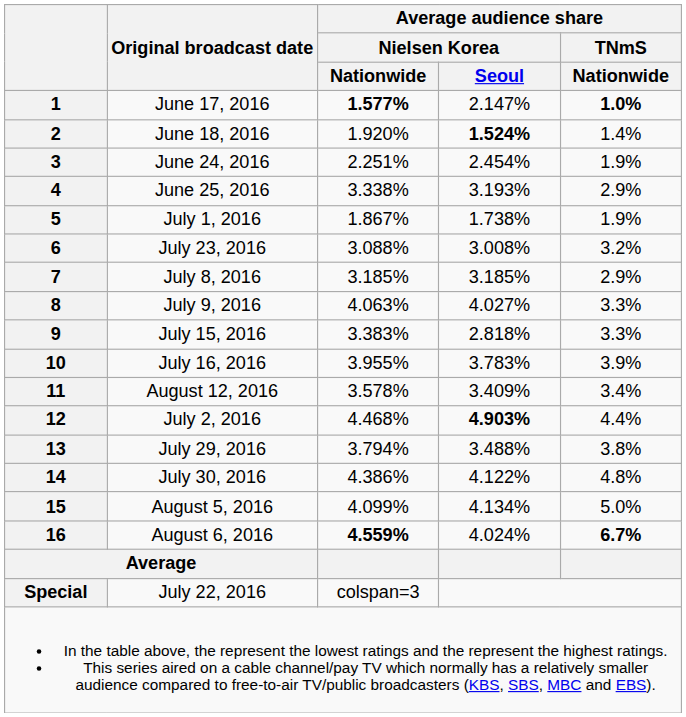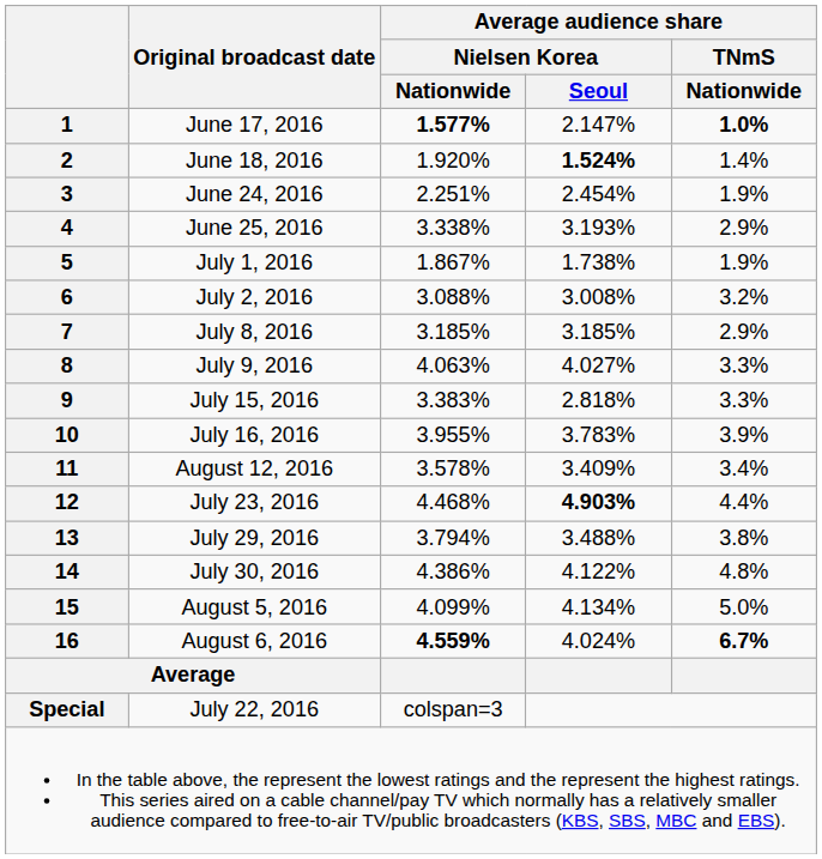 <table class="wikitable" style="width:600px; text-align:center">
 <tr>
 <th rowspan="3"></th>
 <th rowspan="3">Original broadcast date</th>
 <th colspan="3">Average audience share</th>
 </tr>
 <tr>
 <th colspan=2>Nielsen Korea</th>
 <th>TNmS</th>
 </tr>
 <tr>
 <th width=100>Nationwide</th>
 <th width=100><a href='#'>Seoul</a></th>
 <th width=100>Nationwide</th>
 </tr>
 <tr>
 <th>1</th>
 <td>June 17, 2016</td>
 <td><span><strong>1.577%</strong></span></td>
 <td>2.147%</td>
 <td><span><strong>1.0%</strong></span></td>
 </tr>
 <tr>
 <th>2</th>
 <td>June 18, 2016</td>
 <td>1.920%</td>
 <td><span><strong>1.524%</strong></span></td>
 <td>1.4%</td>
 </tr>
 <tr>
 <th>3</th>
 <td>June 24, 2016</td>
 <td>2.251%</td>
 <td>2.454%</td>
 <td>1.9%</td>
 </tr>
 <tr>
 <th>4</th>
 <td>June 25, 2016</td>
 <td>3.338%</td>
 <td>3.193%</td>
 <td>2.9%</td>
 </tr>
 <tr>
 <th>5</th>
 <td>July 1, 2016</td>
 <td>1.867%</td>
 <td>1.738%</td>
 <td>1.9%</td>
 </tr>
 <tr>
 <th>6</th>
-<td>July 23, 2016</td>
+<td>July 2, 2016</td>
 <td>3.088%</td>
 <td>3.008%</td>
 <td>3.2%</td>
 </tr>
 <tr>
 <th>7</th>
 <td>July 8, 2016</td>
 <td>3.185%</td>
 <td>3.185%</td>
 <td>2.9%</td>
 </tr>
 <tr>
 <th>8</th>
 <td>July 9, 2016</td>
 <td>4.063%</td>
 <td>4.027%</td>
 <td>3.3%</td>
 </tr>
 <tr>
 <th>9</th>
 <td>July 15, 2016</td>
 <td>3.383%</td>
 <td>2.818%</td>
 <td>3.3%</td>
 </tr>
 <tr>
 <th>10</th>
 <td>July 16, 2016</td>
 <td>3.955%</td>
 <td>3.783%</td>
 <td>3.9%</td>
 </tr>
 <tr>
 <th>11</th>
 <td>August 12, 2016</td>
 <td>3.578%</td>
 <td>3.409%</td>
 <td>3.4%</td>
 </tr>
 <tr>
 <th>12</th>
-<td>July 2, 2016</td>
+<td>July 23, 2016</td>
 <td>4.468%</td>
 <td><span><strong>4.903%</strong></span></td>
 <td>4.4%</td>
 </tr>
 <tr>
 <th>13</th>
 <td>July 29, 2016</td>
 <td>3.794%</td>
 <td>3.488%</td>
 <td>3.8%</td>
 </tr>
 <tr>
 <th>14</th>
 <td>July 30, 2016</td>
 <td>4.386%</td>
 <td>4.122%</td>
 <td>4.8%</td>
 </tr>
 <tr>
 <th>15</th>
 <td>August 5, 2016</td>
 <td>4.099%</td>
 <td>4.134%</td>
 <td>5.0%</td>
 </tr>
 <tr>
 <th>16</th>
 <td>August 6, 2016</td>
 <td><span><strong>4.559%</strong></span></td>
 <td>4.024%</td>
 <td><span><strong>6.7%</strong></span></td>
 </tr>
 <tr>
 <th colspan=2>Average</th>
 <th></th>
 <th></th>
 <th></th>
 </tr>
 <tr>
 <th>Special</th>
 <td>July 22, 2016</td>
 <td>colspan=3 </td>
 </tr>
 <tr>
 <td colspan="5" style="font-size:85%"><br><ul><li>In the table above, the <strong></strong> represent the lowest ratings and the <strong></strong> represent the highest ratings.</li><li>This series aired on a cable channel/pay TV which normally has a relatively smaller audience compared to free-to-air TV/public broadcasters (<a href='#'>KBS</a>, <a href='#'>SBS</a>, <a href='#'>MBC</a> and <a href='#'>EBS</a>).</li></ul></td>
 </tr>
 </table>
